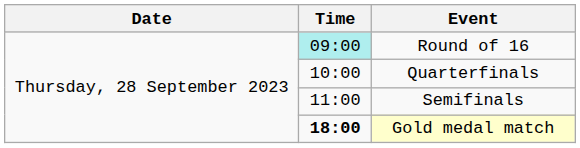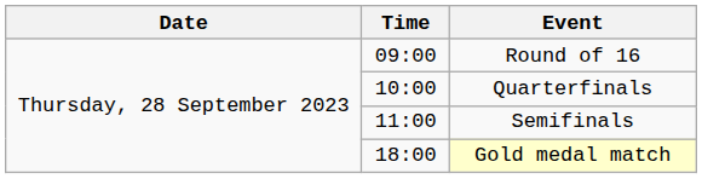 <table class = "wikitable" style="text-align:center;">
 <tr>
 <th width=220>Date</th>
 <th width=50>Time</th>
 <th width=150>Event</th>
 </tr>
 <tr>
 <td rowspan=4>Thursday, 28 September 2023</td>
-<td style="background: paleturquoise;">09:00</td>
+<td>09:00</td>
 <td>Round of 16</td>
 </tr>
 <tr>
 <td>10:00</td>
 <td>Quarterfinals</td>
 </tr>
 <tr>
 <td>11:00</td>
 <td>Semifinals</td>
 </tr>
 <tr>
-<td><strong>18:00</strong></td>
+<td>18:00</td>
 <td bgcolor=ffffcc>Gold medal match</td>
 </tr>
 </table>
